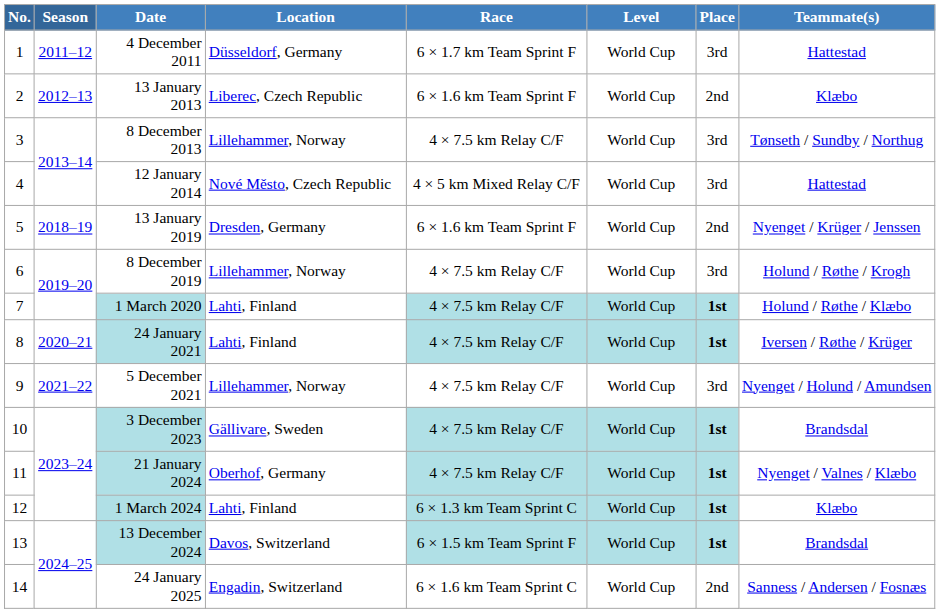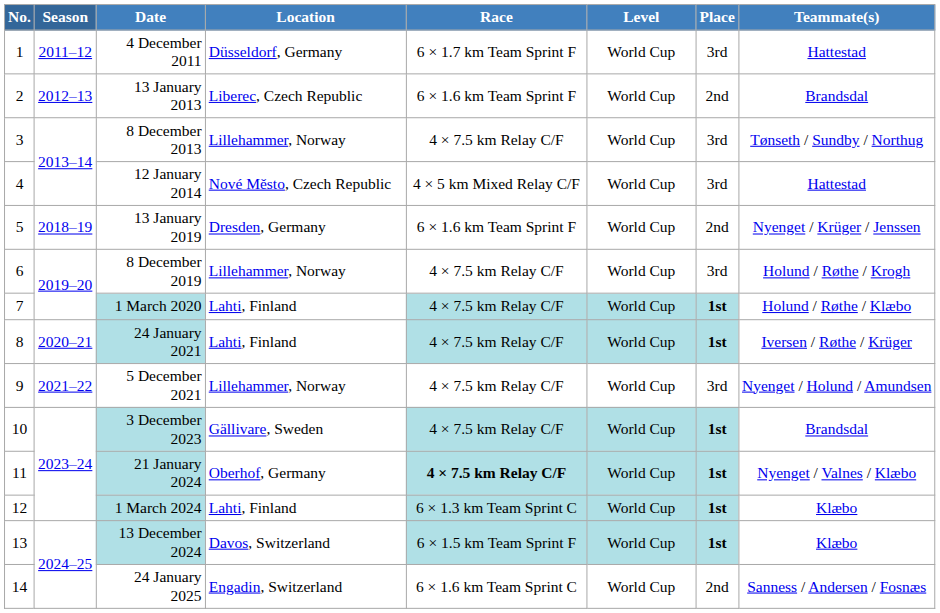 <table class="wikitable sortable" style="font-size:95%; text-align:center; border:grey solid 1px; border-collapse:collapse; background:#ffffff;">
 <tr style="background:#efefef;">
 <th style="background-color:#369; color:white;">No.</th>
 <th style="background-color:#369; color:white;">Season</th>
 <th style="background-color:#4180be; color:white; width:100px;">Date</th>
 <th style="background-color:#4180be; color:white; width:190px;">Location</th>
 <th style="background-color:#4180be; color:white; width:170px;">Race</th>
 <th style="background-color:#4180be; color:white; width:100px;">Level</th>
 <th style="background-color:#4180be; color:white;">Place</th>
 <th style="background-color:#4180be; color:white;">Teammate(s)</th>
 </tr>
 <tr>
 <td align=center>1</td>
 <td align=center><a href='#'>2011–12</a></td>
 <td align=right>4 December 2011</td>
 <td align=left> <a href='#'>Düsseldorf</a>, Germany</td>
 <td>6 × 1.7 km Team Sprint F</td>
 <td>World Cup</td>
 <td>3rd</td>
 <td><a href='#'>Hattestad</a></td>
 </tr>
 <tr>
 <td align=center>2</td>
 <td align=center><a href='#'>2012–13</a></td>
 <td align=right>13 January 2013</td>
 <td align=left> <a href='#'>Liberec</a>, Czech Republic</td>
 <td>6 × 1.6 km Team Sprint F</td>
 <td>World Cup</td>
 <td>2nd</td>
-<td><a href='#'>Klæbo</a></td>
+<td><a href='#'>Brandsdal</a></td>
 </tr>
 <tr>
 <td align=center>3</td>
 <td rowspan=2 align=center><a href='#'>2013–14</a></td>
 <td align=right>8 December 2013</td>
 <td align=left> <a href='#'>Lillehammer</a>, Norway</td>
 <td>4 × 7.5 km Relay C/F</td>
 <td>World Cup</td>
 <td>3rd</td>
 <td><a href='#'>Tønseth</a> / <a href='#'>Sundby</a> / <a href='#'>Northug</a></td>
 </tr>
 <tr>
 <td align=center>4</td>
 <td align=right>12 January 2014</td>
 <td align=left> <a href='#'>Nové Město</a>, Czech Republic</td>
 <td>4 × 5 km Mixed Relay C/F</td>
 <td>World Cup</td>
 <td>3rd</td>
 <td><a href='#'>Hattestad</a></td>
 </tr>
 <tr>
 <td align=center>5</td>
 <td align=center><a href='#'>2018–19</a></td>
 <td align=right>13 January 2019</td>
 <td align=left> <a href='#'>Dresden</a>, Germany</td>
 <td>6 × 1.6 km Team Sprint F</td>
 <td>World Cup</td>
 <td>2nd</td>
 <td><a href='#'>Nyenget</a> / <a href='#'>Krüger</a> / <a href='#'>Jenssen</a></td>
 </tr>
 <tr>
 <td align=center>6</td>
 <td rowspan=2 align=center><a href='#'>2019–20</a></td>
 <td align=right>8 December 2019</td>
 <td align=left> <a href='#'>Lillehammer</a>, Norway</td>
 <td>4 × 7.5 km Relay C/F</td>
 <td>World Cup</td>
 <td>3rd</td>
 <td><a href='#'>Holund</a> / <a href='#'>Røthe</a> / <a href='#'>Krogh</a></td>
 </tr>
 <tr>
 <td align=center>7</td>
 <td bgcolor="#BOEOE6" align=right>1 March 2020</td>
 <td align=left> <a href='#'>Lahti</a>, Finland</td>
 <td bgcolor="#BOEOE6">4 × 7.5 km Relay C/F</td>
 <td bgcolor="#BOEOE6">World Cup</td>
 <td bgcolor="#BOEOE6"><strong>1st</strong></td>
 <td><a href='#'>Holund</a> / <a href='#'>Røthe</a> / <a href='#'>Klæbo</a></td>
 </tr>
 <tr>
 <td align=center>8</td>
 <td align=center><a href='#'>2020–21</a></td>
 <td bgcolor="#BOEOE6" align=right>24 January 2021</td>
 <td align=left> <a href='#'>Lahti</a>, Finland</td>
 <td bgcolor="#BOEOE6">4 × 7.5 km Relay C/F</td>
 <td bgcolor="#BOEOE6">World Cup</td>
 <td bgcolor="#BOEOE6"><strong>1st</strong></td>
 <td><a href='#'>Iversen</a> / <a href='#'>Røthe</a> / <a href='#'>Krüger</a></td>
 </tr>
 <tr>
 <td align=center>9</td>
 <td align=center><a href='#'>2021–22</a></td>
 <td align=right>5 December 2021</td>
 <td align=left> <a href='#'>Lillehammer</a>, Norway</td>
 <td>4 × 7.5 km Relay C/F</td>
 <td>World Cup</td>
 <td>3rd</td>
 <td><a href='#'>Nyenget</a> / <a href='#'>Holund</a> / <a href='#'>Amundsen</a></td>
 </tr>
 <tr>
 <td align=center>10</td>
 <td rowspan=3 align=center><a href='#'>2023–24</a></td>
 <td bgcolor="#BOEOE6" align=right>3 December 2023</td>
 <td align=left> <a href='#'>Gällivare</a>, Sweden</td>
 <td bgcolor="#BOEOE6">4 × 7.5 km Relay C/F</td>
 <td bgcolor="#BOEOE6">World Cup</td>
 <td bgcolor="#BOEOE6"><strong>1st</strong></td>
 <td><a href='#'>Brandsdal</a></td>
 </tr>
 <tr>
 <td align=center>11</td>
 <td bgcolor="#BOEOE6" align=right>21 January 2024</td>
 <td align=left> <a href='#'>Oberhof</a>, Germany</td>
-<td bgcolor="#BOEOE6">4 × 7.5 km Relay C/F</td>
+<td bgcolor="#BOEOE6"><strong>4 × 7.5 km Relay C/F</strong></td>
 <td bgcolor="#BOEOE6">World Cup</td>
 <td bgcolor="#BOEOE6"><strong>1st</strong></td>
 <td><a href='#'>Nyenget</a> / <a href='#'>Valnes</a> / <a href='#'>Klæbo</a></td>
 </tr>
 <tr>
 <td align=center>12</td>
 <td bgcolor="#BOEOE6" align=right>1 March 2024</td>
 <td align=left> <a href='#'>Lahti</a>, Finland</td>
 <td bgcolor="#BOEOE6">6 × 1.3 km Team Sprint C</td>
 <td bgcolor="#BOEOE6">World Cup</td>
 <td bgcolor="#BOEOE6"><strong>1st</strong></td>
 <td><a href='#'>Klæbo</a></td>
 </tr>
 <tr>
 <td align=center>13</td>
 <td rowspan=2 align=center><a href='#'>2024–25</a></td>
 <td bgcolor="#BOEOE6" align=right>13 December 2024</td>
 <td align=left> <a href='#'>Davos</a>, Switzerland</td>
 <td bgcolor="#BOEOE6">6 × 1.5 km Team Sprint F</td>
 <td bgcolor="#BOEOE6">World Cup</td>
 <td bgcolor="#BOEOE6"><strong>1st</strong></td>
-<td><a href='#'>Brandsdal</a></td>
+<td><a href='#'>Klæbo</a></td>
 </tr>
 <tr>
 <td align=center>14</td>
 <td align=right>24 January 2025</td>
 <td align=left> <a href='#'>Engadin</a>, Switzerland</td>
 <td>6 × 1.6 km Team Sprint C</td>
 <td>World Cup</td>
 <td>2nd</td>
 <td><a href='#'>Sanness</a> / <a href='#'>Andersen</a> / <a href='#'>Fosnæs</a></td>
 </tr>
 </table>
